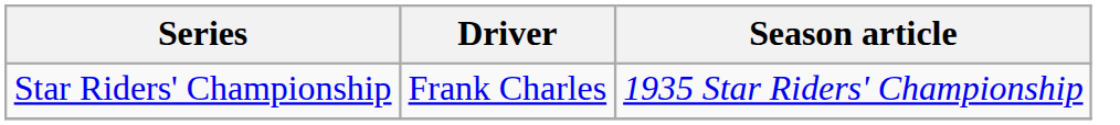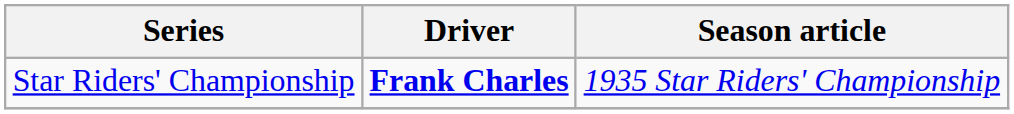 <table class="wikitable" style="font-size: 87%;">
 <tr>
 <th>Series</th>
 <th>Driver</th>
 <th>Season article</th>
 </tr>
 <tr>
 <td><a href='#'>Star Riders' Championship</a></td>
-<td> <a href='#'>Frank Charles</a></td>
+<td><strong> <a href='#'>Frank Charles</a></strong></td>
 <td><em><a href='#'>1935 Star Riders' Championship</a></em></td>
 </tr>
 <tr>
 </tr>
 </table>
